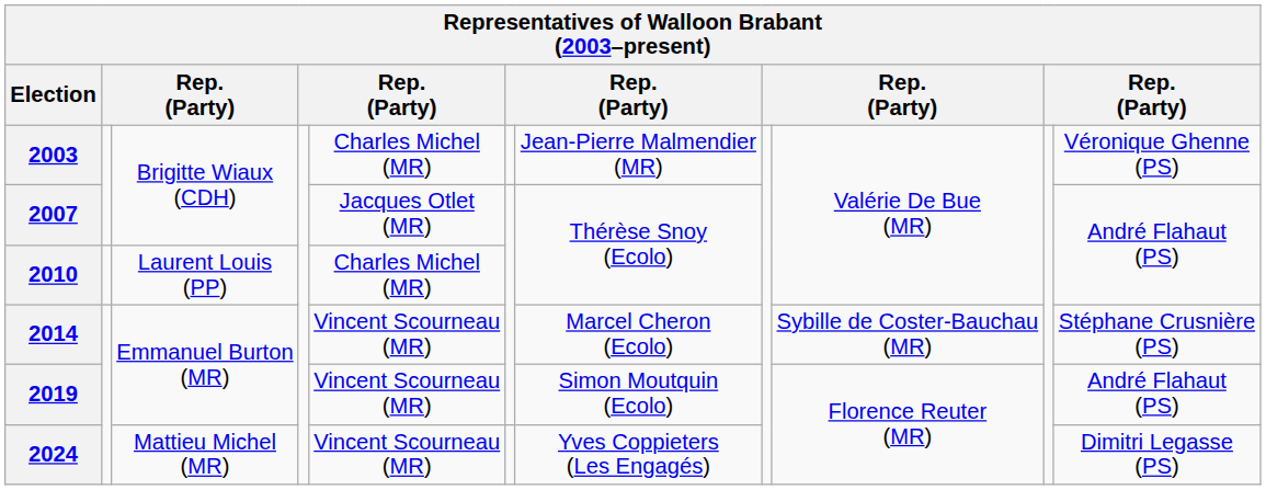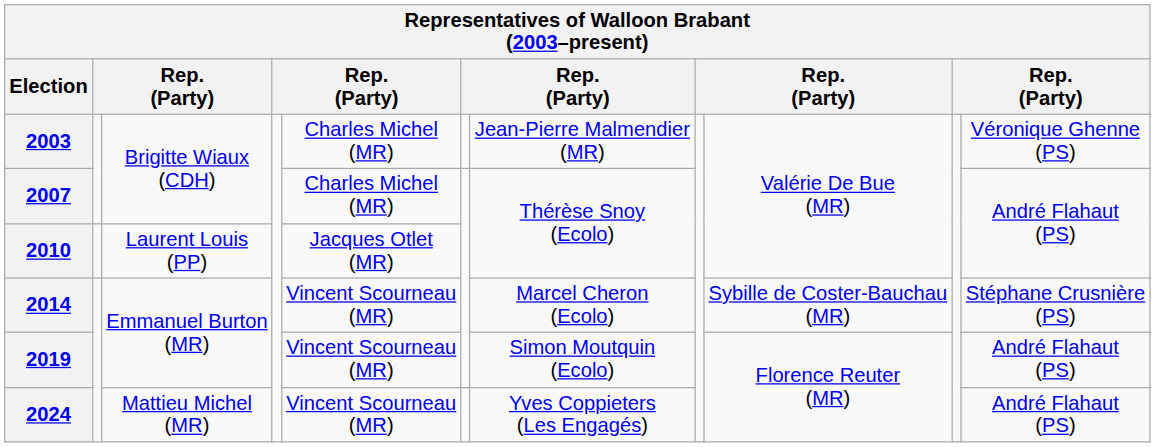 <table class="wikitable" style="text-align:center">
 <tr>
 <th colspan="11">Representatives of Walloon Brabant<br>(<a href='#'>2003</a>–present)</th>
 </tr>
 <tr>
 <th>Election</th>
 <th colspan=2>Rep.<br>(Party)</th>
 <th colspan=2>Rep.<br>(Party)</th>
 <th colspan=2>Rep.<br>(Party)</th>
 <th colspan=2>Rep.<br>(Party)</th>
 <th colspan=2>Rep.<br>(Party)</th>
 </tr>
 <tr>
 <th><a href='#'>2003</a></th>
 <td rowspan=2; style="background-color: "></td>
 <td rowspan=2><a href='#'>Brigitte Wiaux</a><br>(<a href='#'>CDH</a>)</td>
 <td rowspan=6; style="background-color: "></td>
 <td rowspan=1><a href='#'>Charles Michel</a><br>(<a href='#'>MR</a>)</td>
 <td rowspan=1; style="background-color: "></td>
 <td rowspan=1><a href='#'>Jean-Pierre Malmendier</a><br>(<a href='#'>MR</a>)</td>
 <td rowspan=6; style="background-color: "></td>
 <td rowspan=3><a href='#'>Valérie De Bue</a><br>(<a href='#'>MR</a>)</td>
 <td rowspan=6; style="background-color: "></td>
 <td rowspan=1><a href='#'>Véronique Ghenne</a><br>(<a href='#'>PS</a>)</td>
 </tr>
 <tr>
 <th><a href='#'>2007</a></th>
-<td rowspan=1><a href='#'>Jacques Otlet</a><br>(<a href='#'>MR</a>)</td>
+<td rowspan=1><a href='#'>Charles Michel</a><br>(<a href='#'>MR</a>)</td>
 <td rowspan=4; style="background-color: "></td>
 <td rowspan=2><a href='#'>Thérèse Snoy</a><br>(<a href='#'>Ecolo</a>)</td>
 <td rowspan=2><a href='#'>André Flahaut</a><br>(<a href='#'>PS</a>)</td>
 </tr>
 <tr>
 <th><a href='#'>2010</a></th>
 <td rowspan=1; style="background-color: "></td>
 <td rowspan=1><a href='#'>Laurent Louis</a><br>(<a href='#'>PP</a>)</td>
-<td rowspan=1><a href='#'>Charles Michel</a><br>(<a href='#'>MR</a>)</td>
+<td rowspan=1><a href='#'>Jacques Otlet</a><br>(<a href='#'>MR</a>)</td>
 </tr>
 <tr>
 <th><a href='#'>2014</a></th>
 <td rowspan=3; style="background-color: "></td>
 <td rowspan=2><a href='#'>Emmanuel Burton</a><br>(<a href='#'>MR</a>)</td>
 <td rowspan=1><a href='#'>Vincent Scourneau</a><br>(<a href='#'>MR</a>)</td>
 <td rowspan=1><a href='#'>Marcel Cheron</a><br>(<a href='#'>Ecolo</a>)</td>
 <td rowspan=1><a href='#'>Sybille de Coster-Bauchau</a><br>(<a href='#'>MR</a>)</td>
 <td rowspan=1><a href='#'>Stéphane Crusnière</a><br>(<a href='#'>PS</a>)</td>
 </tr>
 <tr>
 <th><a href='#'>2019</a></th>
 <td rowspan=1><a href='#'>Vincent Scourneau</a><br>(<a href='#'>MR</a>)</td>
 <td rowspan=1><a href='#'>Simon Moutquin</a><br>(<a href='#'>Ecolo</a>)</td>
 <td rowspan=2><a href='#'>Florence Reuter</a><br>(<a href='#'>MR</a>)</td>
 <td rowspan=1><a href='#'>André Flahaut</a><br>(<a href='#'>PS</a>)</td>
 </tr>
 <tr>
 <th><a href='#'>2024</a></th>
 <td rowspan=1><a href='#'>Mattieu Michel</a><br>(<a href='#'>MR</a>)</td>
 <td rowspan=1><a href='#'>Vincent Scourneau</a><br>(<a href='#'>MR</a>)</td>
 <td rowspan=1; style="background-color: "></td>
 <td rowspan=1><a href='#'>Yves Coppieters</a><br>(<a href='#'>Les Engagés</a>)</td>
-<td rowspan=1><a href='#'>Dimitri Legasse</a><br>(<a href='#'>PS</a>)</td>
+<td rowspan=1><a href='#'>André Flahaut</a><br>(<a href='#'>PS</a>)</td>
 </tr>
 </table>
